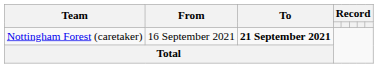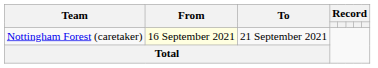 <table class="wikitable" style="text-align:center">
 <tr>
 <th rowspan="2">Team</th>
 <th rowspan="2">From</th>
 <th rowspan="2">To</th>
 <th colspan="5">Record</th>
 </tr>
 <tr>
 <th></th>
 <th></th>
 <th></th>
 <th></th>
 <th></th>
 </tr>
 <tr>
 <td align="left"><a href='#'>Nottingham Forest</a> (caretaker)</td>
-<td align="left">16 September 2021</td>
-<td align="left"><strong>21 September 2021<br></strong></td>
+<td align="left" style="background: lightyellow;">16 September 2021</td>
+<td align="left">21 September 2021<br></td>
 </tr>
 <tr>
 <th colspan="3">Total<br></th>
 </tr>
 </table>
